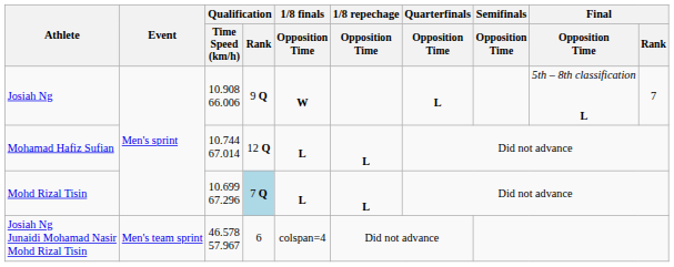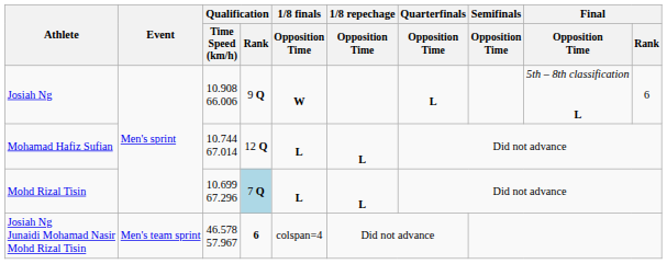 <table class="wikitable" style="font-size:90%;">
 <tr>
 <th rowspan=2>Athlete</th>
 <th rowspan=2>Event</th>
 <th colspan=2>Qualification</th>
 <th>1/8 finals</th>
 <th>1/8 repechage</th>
 <th>Quarterfinals</th>
 <th>Semifinals</th>
 <th colspan=2>Final</th>
 </tr>
 <tr style="font-size:95%">
 <th>Time<br>Speed<br>(km/h)</th>
 <th>Rank</th>
 <th>Opposition<br>Time</th>
 <th>Opposition<br>Time</th>
 <th>Opposition<br>Time</th>
 <th>Opposition<br>Time</th>
 <th>Opposition<br>Time</th>
 <th>Rank</th>
 </tr>
 <tr align=center>
 <td align=left><a href='#'>Josiah Ng</a></td>
 <td align=left rowspan=3><a href='#'>Men's sprint</a></td>
 <td>10.908<br>66.006</td>
 <td>9 <strong>Q</strong></td>
 <td><br><strong>W</strong></td>
 <td></td>
 <td><br><strong>L</strong></td>
 <td></td>
 <td><em>5th – 8th classification</em><br><br><br><strong>L</strong></td>
-<td>7</td>
+<td>6</td>
 </tr>
 <tr align=center>
 <td align=left><a href='#'>Mohamad Hafiz Sufian</a></td>
 <td>10.744<br>67.014</td>
 <td>12 <strong>Q</strong></td>
 <td><br><strong>L</strong></td>
 <td><br><br><strong>L</strong></td>
 <td colspan=4>Did not advance</td>
 </tr>
 <tr align=center>
 <td align=left><a href='#'>Mohd Rizal Tisin</a></td>
 <td>10.699<br>67.296</td>
 <td style="background: lightblue;">7 <strong>Q</strong></td>
 <td><br><strong>L</strong></td>
 <td><br><br><strong>L</strong></td>
 <td colspan=4>Did not advance</td>
 </tr>
 <tr align=center>
 <td align=left><a href='#'>Josiah Ng</a><br><a href='#'>Junaidi Mohamad Nasir</a><br><a href='#'>Mohd Rizal Tisin</a></td>
 <td align=left><a href='#'>Men's team sprint</a></td>
 <td>46.578<br>57.967</td>
-<td>6</td>
+<td><strong>6</strong></td>
 <td>colspan=4 </td>
 <td colspan=2>Did not advance</td>
 </tr>
 </table>
